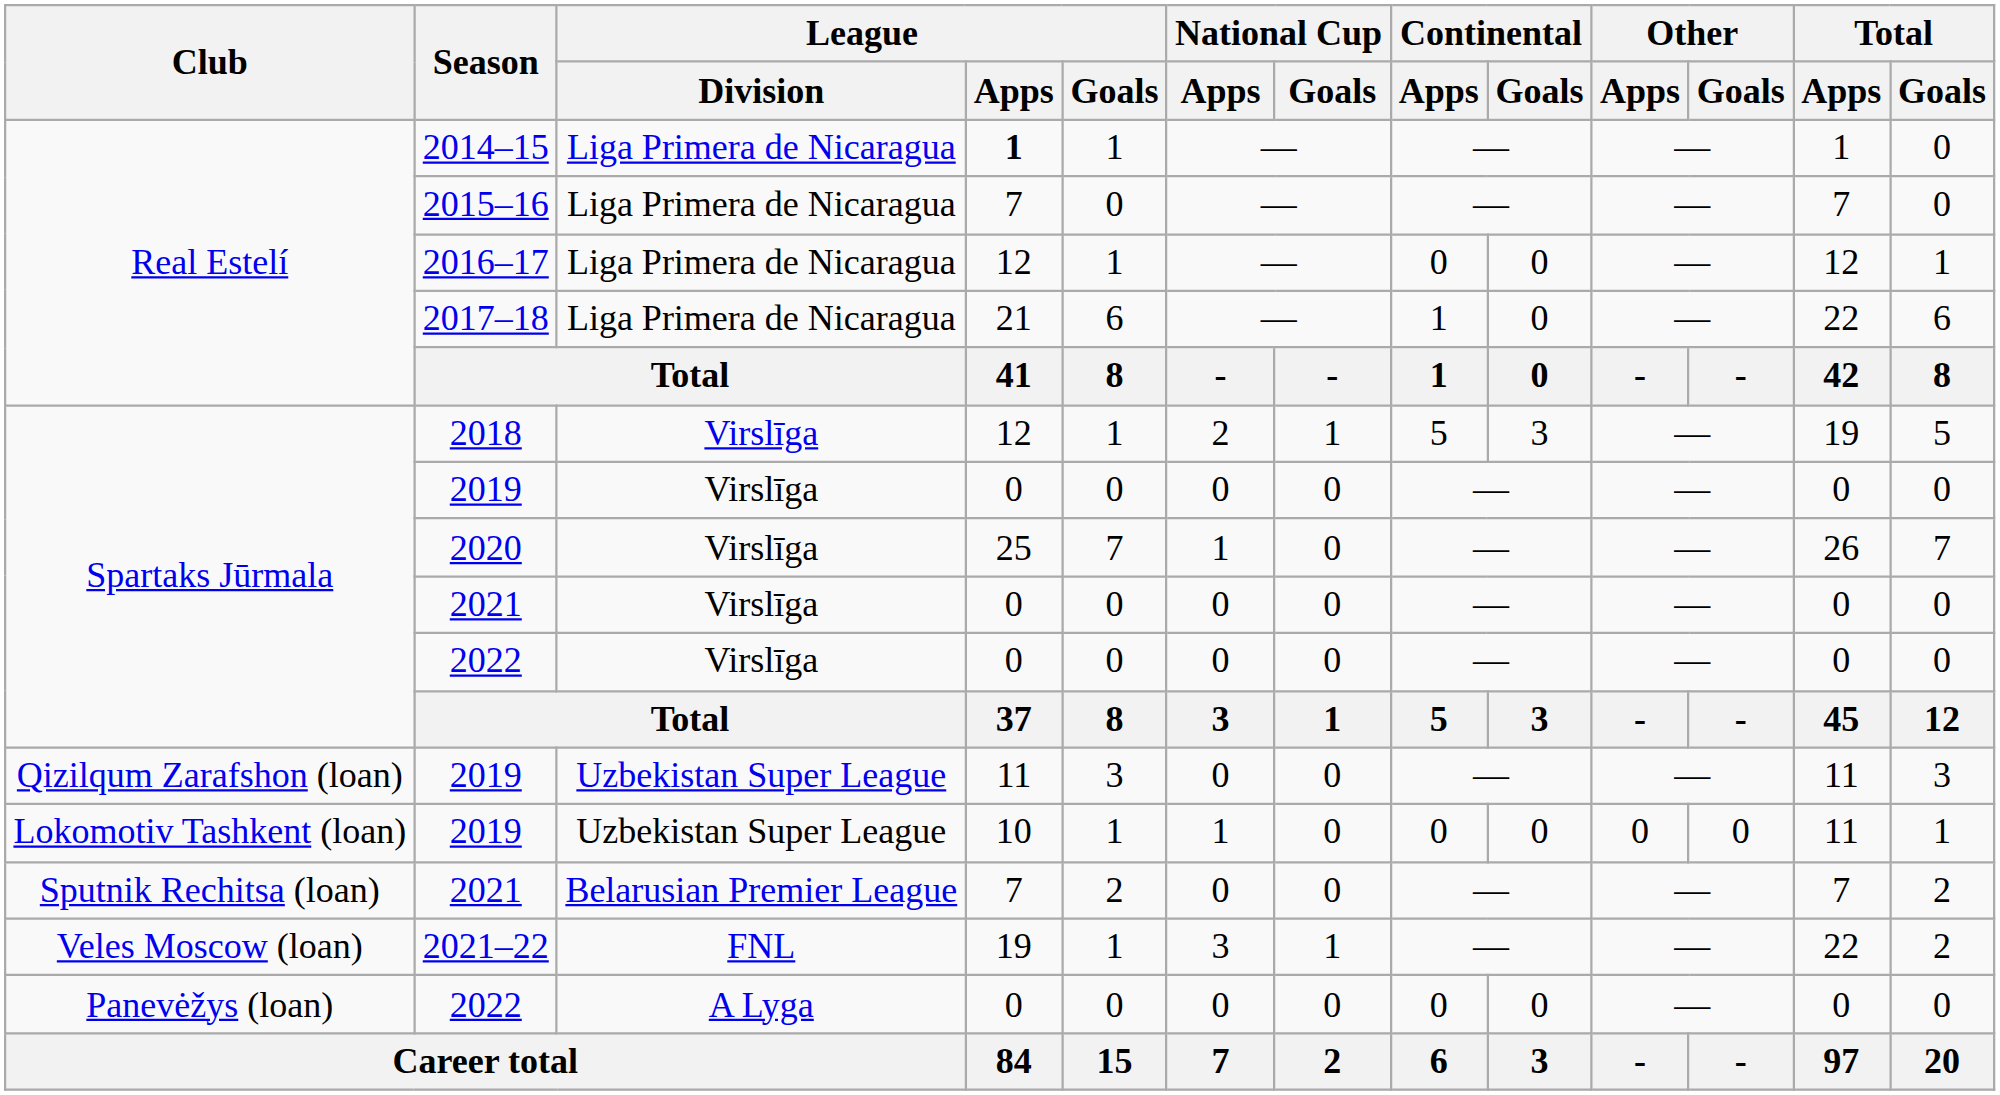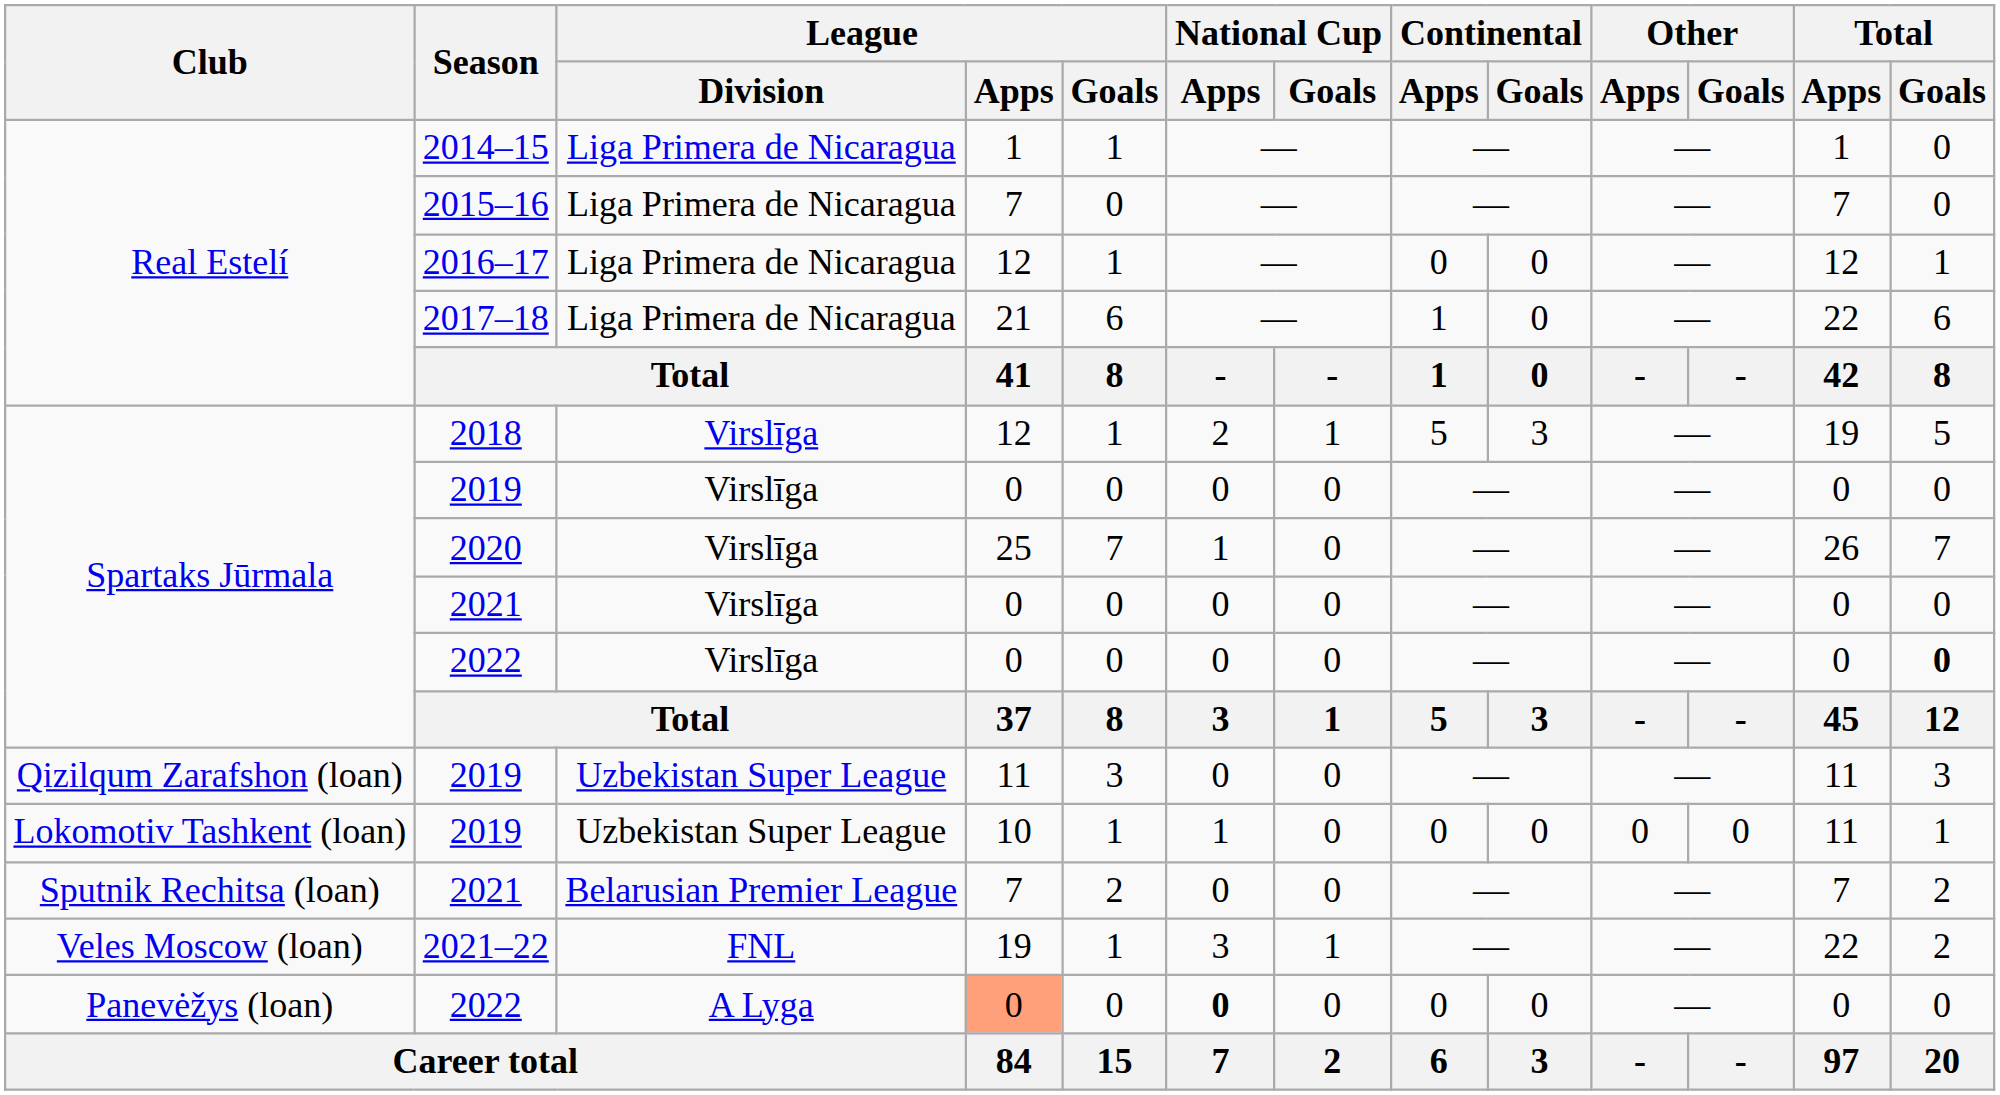 <table class="wikitable" style="text-align:center">
 <tr>
 <th rowspan="2">Club</th>
 <th rowspan="2">Season</th>
 <th colspan="3">League</th>
 <th colspan="2">National Cup</th>
 <th colspan="2">Continental</th>
 <th colspan="2">Other</th>
 <th colspan="2">Total</th>
 </tr>
 <tr>
 <th>Division</th>
 <th>Apps</th>
 <th>Goals</th>
 <th>Apps</th>
 <th>Goals</th>
 <th>Apps</th>
 <th>Goals</th>
 <th>Apps</th>
 <th>Goals</th>
 <th>Apps</th>
 <th>Goals</th>
 </tr>
 <tr>
 <td rowspan="5"><a href='#'>Real Estelí</a></td>
 <td><a href='#'>2014–15</a></td>
 <td><a href='#'>Liga Primera de Nicaragua</a></td>
-<td><strong>1</strong></td>
+<td>1</td>
 <td>1</td>
 <td colspan="2">—</td>
 <td colspan="2">—</td>
 <td colspan="2">—</td>
 <td>1</td>
 <td>0</td>
 </tr>
 <tr>
 <td><a href='#'>2015–16</a></td>
 <td>Liga Primera de Nicaragua</td>
 <td>7</td>
 <td>0</td>
 <td colspan="2">—</td>
 <td colspan="2">—</td>
 <td colspan="2">—</td>
 <td>7</td>
 <td>0</td>
 </tr>
 <tr>
 <td><a href='#'>2016–17</a></td>
 <td>Liga Primera de Nicaragua</td>
 <td>12</td>
 <td>1</td>
 <td colspan="2">—</td>
 <td>0</td>
 <td>0</td>
 <td colspan="2">—</td>
 <td>12</td>
 <td>1</td>
 </tr>
 <tr>
 <td><a href='#'>2017–18</a></td>
 <td>Liga Primera de Nicaragua</td>
 <td>21</td>
 <td>6</td>
 <td colspan="2">—</td>
 <td>1</td>
 <td>0</td>
 <td colspan="2">—</td>
 <td>22</td>
 <td>6</td>
 </tr>
 <tr>
 <th colspan="2">Total</th>
 <th>41</th>
 <th>8</th>
 <th>-</th>
 <th>-</th>
 <th>1</th>
 <th>0</th>
 <th>-</th>
 <th>-</th>
 <th>42</th>
 <th>8</th>
 </tr>
 <tr>
 <td rowspan="6"><a href='#'>Spartaks Jūrmala</a></td>
 <td><a href='#'>2018</a></td>
 <td><a href='#'>Virslīga</a></td>
 <td>12</td>
 <td>1</td>
 <td>2</td>
 <td>1</td>
 <td>5</td>
 <td>3</td>
 <td colspan="2">—</td>
 <td>19</td>
 <td>5</td>
 </tr>
 <tr>
 <td><a href='#'>2019</a></td>
 <td>Virslīga</td>
 <td>0</td>
 <td>0</td>
 <td>0</td>
 <td>0</td>
 <td colspan="2">—</td>
 <td colspan="2">—</td>
 <td>0</td>
 <td>0</td>
 </tr>
 <tr>
 <td><a href='#'>2020</a></td>
 <td>Virslīga</td>
 <td>25</td>
 <td>7</td>
 <td>1</td>
 <td>0</td>
 <td colspan="2">—</td>
 <td colspan="2">—</td>
 <td>26</td>
 <td>7</td>
 </tr>
 <tr>
 <td><a href='#'>2021</a></td>
 <td>Virslīga</td>
 <td>0</td>
 <td>0</td>
 <td>0</td>
 <td>0</td>
 <td colspan="2">—</td>
 <td colspan="2">—</td>
 <td>0</td>
 <td>0</td>
 </tr>
 <tr>
 <td><a href='#'>2022</a></td>
 <td>Virslīga</td>
 <td>0</td>
 <td>0</td>
 <td>0</td>
 <td>0</td>
 <td colspan="2">—</td>
 <td colspan="2">—</td>
 <td>0</td>
-<td>0</td>
+<td><strong>0</strong></td>
 </tr>
 <tr>
 <th colspan="2">Total</th>
 <th>37</th>
 <th>8</th>
 <th>3</th>
 <th>1</th>
 <th>5</th>
 <th>3</th>
 <th>-</th>
 <th>-</th>
 <th>45</th>
 <th>12</th>
 </tr>
 <tr>
 <td><a href='#'>Qizilqum Zarafshon</a> (loan)</td>
 <td><a href='#'>2019</a></td>
 <td><a href='#'>Uzbekistan Super League</a></td>
 <td>11</td>
 <td>3</td>
 <td>0</td>
 <td>0</td>
 <td colspan="2">—</td>
 <td colspan="2">—</td>
 <td>11</td>
 <td>3</td>
 </tr>
 <tr>
 <td><a href='#'>Lokomotiv Tashkent</a> (loan)</td>
 <td><a href='#'>2019</a></td>
 <td>Uzbekistan Super League</td>
 <td>10</td>
 <td>1</td>
 <td>1</td>
 <td>0</td>
 <td>0</td>
 <td>0</td>
 <td>0</td>
 <td>0</td>
 <td>11</td>
 <td>1</td>
 </tr>
 <tr>
 <td><a href='#'>Sputnik Rechitsa</a> (loan)</td>
 <td><a href='#'>2021</a></td>
 <td><a href='#'>Belarusian Premier League</a></td>
 <td>7</td>
 <td>2</td>
 <td>0</td>
 <td>0</td>
 <td colspan="2">—</td>
 <td colspan="2">—</td>
 <td>7</td>
 <td>2</td>
 </tr>
 <tr>
 <td><a href='#'>Veles Moscow</a> (loan)</td>
 <td><a href='#'>2021–22</a></td>
 <td><a href='#'>FNL</a></td>
 <td>19</td>
 <td>1</td>
 <td>3</td>
 <td>1</td>
 <td colspan="2">—</td>
 <td colspan="2">—</td>
 <td>22</td>
 <td>2</td>
 </tr>
 <tr>
 <td><a href='#'>Panevėžys</a> (loan)</td>
 <td><a href='#'>2022</a></td>
 <td><a href='#'>A Lyga</a></td>
+<td style="background: lightsalmon;">0</td>
 <td>0</td>
-<td>0</td>
-<td>0</td>
+<td><strong>0</strong></td>
 <td>0</td>
 <td>0</td>
 <td>0</td>
 <td colspan="2">—</td>
 <td>0</td>
 <td>0</td>
 </tr>
 <tr>
 <th colspan="3">Career total</th>
 <th>84</th>
 <th>15</th>
 <th>7</th>
 <th>2</th>
 <th>6</th>
 <th>3</th>
 <th>-</th>
 <th>-</th>
 <th>97</th>
 <th>20</th>
 </tr>
 </table>
